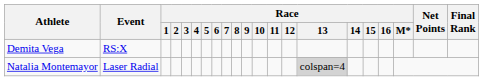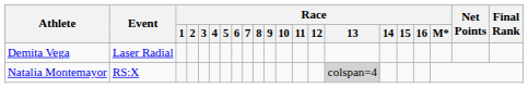 <table class="wikitable" style="font-size:90%">
 <tr>
 <th rowspan=2>Athlete</th>
 <th rowspan=2>Event</th>
 <th colspan=17>Race</th>
 <th rowspan=2>Net<br>Points</th>
 <th rowspan=2>Final<br>Rank</th>
 </tr>
 <tr style="font-size:95%">
 <th>1</th>
 <th>2</th>
 <th>3</th>
 <th>4</th>
 <th>5</th>
 <th>6</th>
 <th>7</th>
 <th>8</th>
 <th>9</th>
 <th>10</th>
 <th>11</th>
 <th>12</th>
 <th>13</th>
 <th>14</th>
 <th>15</th>
 <th>16</th>
 <th>M*</th>
 </tr>
 <tr align=center>
 <td align=left><a href='#'>Demita Vega</a></td>
-<td align=left><a href='#'>RS:X</a></td>
+<td align=left><a href='#'>Laser Radial</a></td>
 <td></td>
 <td></td>
 <td></td>
 <td></td>
 <td></td>
 <td></td>
 <td></td>
 <td></td>
 <td></td>
 <td></td>
 <td></td>
 <td></td>
 <td></td>
 <td></td>
 <td></td>
 <td></td>
 <td></td>
 <td></td>
 <td></td>
 </tr>
 <tr align=center>
 <td align=left><a href='#'>Natalia Montemayor</a></td>
-<td align=left><a href='#'>Laser Radial</a></td>
+<td align=left><a href='#'>RS:X</a></td>
 <td></td>
 <td></td>
 <td></td>
 <td></td>
 <td></td>
 <td></td>
 <td></td>
 <td></td>
 <td></td>
 <td></td>
 <td></td>
 <td></td>
 <td style="background: lightgrey;">colspan=4 </td>
 <td></td>
 <td></td>
 <td></td>
 </tr>
 </table>
